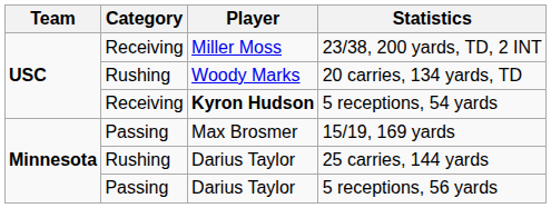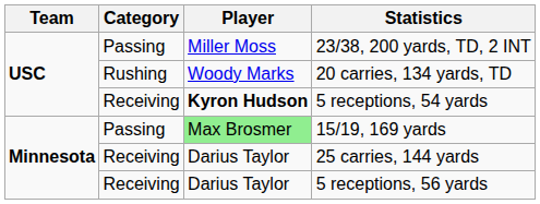 <table class="wikitable" style="float: right;">
 <tr>
 <th>Team</th>
 <th>Category</th>
 <th>Player</th>
 <th>Statistics</th>
 </tr>
 <tr>
 <td rowspan=3><strong>USC</strong></td>
-<td>Receiving</td>
+<td>Passing</td>
 <td><a href='#'>Miller Moss</a></td>
 <td>23/38, 200 yards, TD, 2 INT</td>
 </tr>
 <tr>
 <td>Rushing</td>
 <td><a href='#'>Woody Marks</a></td>
 <td>20 carries, 134 yards, TD</td>
 </tr>
 <tr>
 <td>Receiving</td>
 <td><strong>Kyron Hudson</strong></td>
 <td>5 receptions, 54 yards</td>
 </tr>
 <tr>
 <td rowspan=3><strong>Minnesota</strong></td>
 <td>Passing</td>
-<td>Max Brosmer</td>
+<td style="background: lightgreen;">Max Brosmer</td>
 <td>15/19, 169 yards</td>
 </tr>
 <tr>
-<td>Rushing</td>
+<td>Receiving</td>
 <td>Darius Taylor</td>
 <td>25 carries, 144 yards</td>
 </tr>
 <tr>
-<td>Passing</td>
+<td>Receiving</td>
 <td>Darius Taylor</td>
 <td>5 receptions, 56 yards</td>
 </tr>
 </table>
